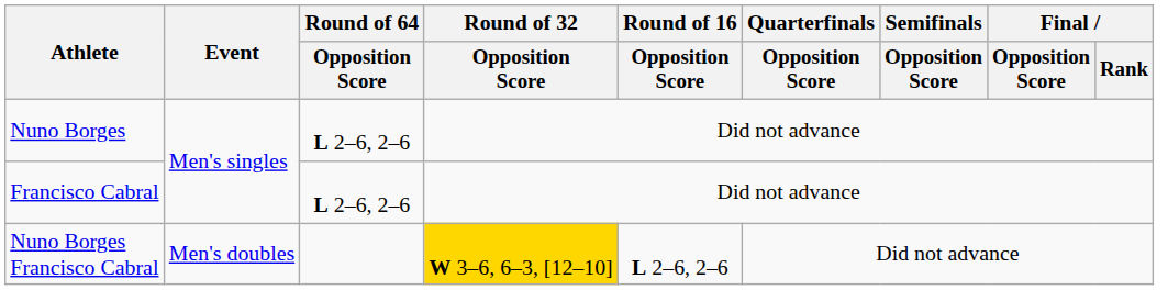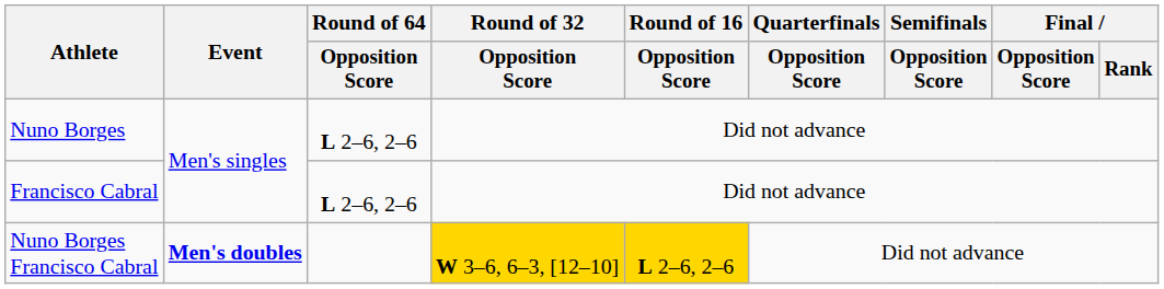 <table class=wikitable style="font-size:90%">
 <tr>
 <th rowspan="2">Athlete</th>
 <th rowspan="2">Event</th>
 <th>Round of 64</th>
 <th>Round of 32</th>
 <th>Round of 16</th>
 <th>Quarterfinals</th>
 <th>Semifinals</th>
 <th colspan=2>Final / </th>
 </tr>
 <tr style="font-size:95%">
 <th>Opposition<br>Score</th>
 <th>Opposition<br>Score</th>
 <th>Opposition<br>Score</th>
 <th>Opposition<br>Score</th>
 <th>Opposition<br>Score</th>
 <th>Opposition<br>Score</th>
 <th>Rank</th>
 </tr>
 <tr align=center>
 <td align=left><a href='#'>Nuno Borges</a></td>
 <td align=left rowspan=2><a href='#'>Men's singles</a></td>
 <td><br><strong>L</strong> 2–6, 2–6</td>
 <td colspan=6>Did not advance</td>
 </tr>
 <tr align=center>
 <td align=left><a href='#'>Francisco Cabral</a></td>
 <td><br><strong>L</strong> 2–6, 2–6</td>
 <td colspan=6>Did not advance</td>
 </tr>
 <tr align=center>
 <td align=left><a href='#'>Nuno Borges</a><br><a href='#'>Francisco Cabral</a></td>
-<td align=left><a href='#'>Men's doubles</a></td>
+<td align=left><strong><a href='#'>Men's doubles</a></strong></td>
 <td></td>
 <td style="background: gold;"><br><strong>W</strong> 3–6, 6–3, [12–10]</td>
-<td><br><strong>L</strong> 2–6, 2–6</td>
+<td style="background: gold;"><br><strong>L</strong> 2–6, 2–6</td>
 <td colspan=4>Did not advance</td>
 </tr>
 </table>
